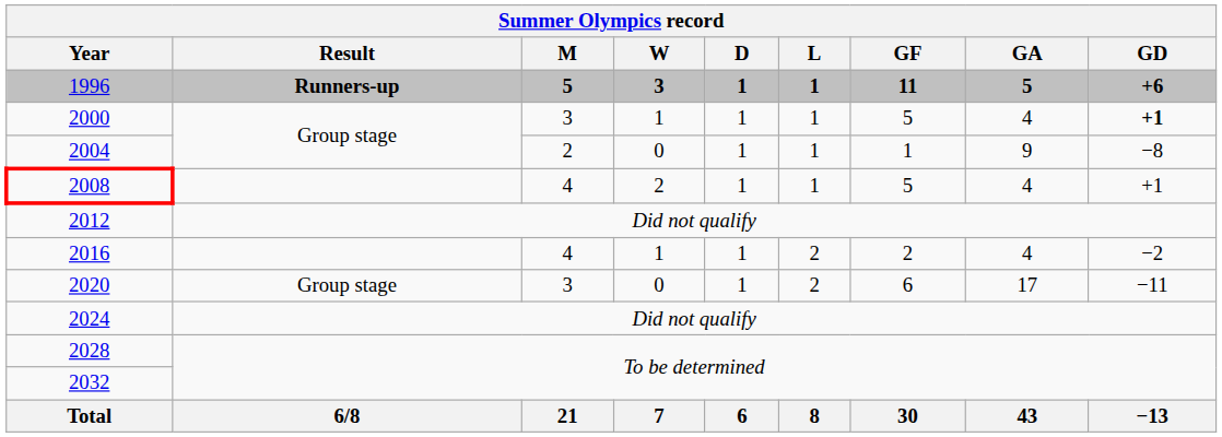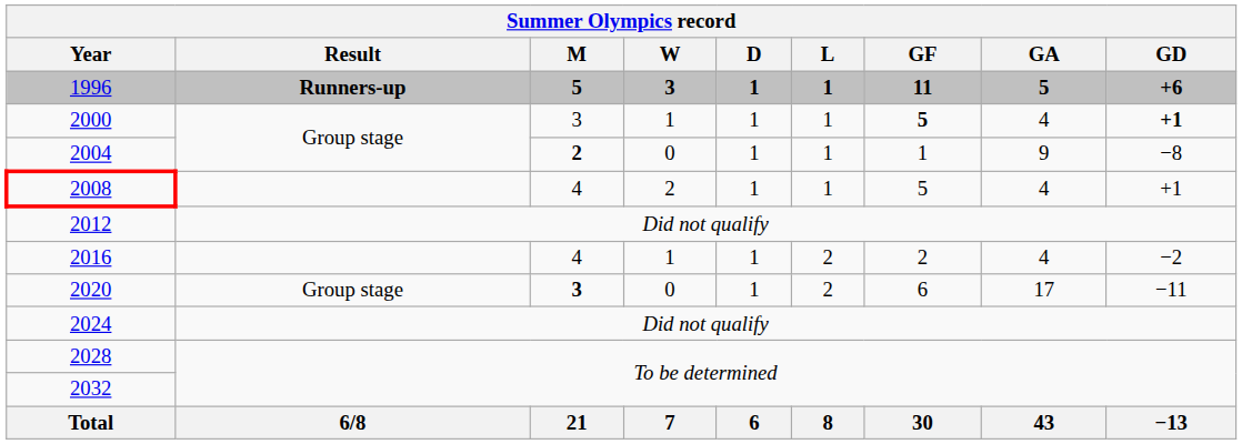 <table class="wikitable" style="text-align: center; width:75%;">
 <tr>
 <th colspan=11><a href='#'>Summer Olympics</a> record</th>
 </tr>
 <tr>
 <th>Year</th>
 <th>Result</th>
 <th>M</th>
 <th>W</th>
 <th>D</th>
 <th>L</th>
 <th>GF</th>
 <th>GA</th>
 <th>GD</th>
 </tr>
 <tr style="background:silver;">
 <td> <a href='#'>1996</a></td>
 <td><strong>Runners-up</strong></td>
 <td><strong>5</strong></td>
 <td><strong>3</strong></td>
 <td><strong>1</strong></td>
 <td><strong>1</strong></td>
 <td><strong>11</strong></td>
 <td><strong>5</strong></td>
 <td><strong>+6</strong></td>
 </tr>
 <tr>
 <td> <a href='#'>2000</a></td>
 <td rowspan=2>Group stage</td>
 <td>3</td>
 <td>1</td>
 <td>1</td>
 <td>1</td>
-<td>5</td>
+<td><strong>5</strong></td>
 <td>4</td>
 <td><strong>+1</strong></td>
 </tr>
 <tr>
 <td> <a href='#'>2004</a></td>
-<td>2</td>
+<td><strong>2</strong></td>
 <td>0</td>
 <td>1</td>
 <td>1</td>
 <td>1</td>
 <td>9</td>
 <td>−8</td>
 </tr>
 <tr>
 <td style="border: 3px solid red"> <a href='#'>2008</a></td>
 <td></td>
 <td>4</td>
 <td>2</td>
 <td>1</td>
 <td>1</td>
 <td>5</td>
 <td>4</td>
 <td>+1</td>
 </tr>
 <tr>
 <td> <a href='#'>2012</a></td>
 <td colspan=8 align=center><em>Did not qualify</em></td>
 </tr>
 <tr>
 <td> <a href='#'>2016</a></td>
 <td></td>
 <td>4</td>
 <td>1</td>
 <td>1</td>
 <td>2</td>
 <td>2</td>
 <td>4</td>
 <td>−2</td>
 </tr>
 <tr>
 <td> <a href='#'>2020</a></td>
 <td>Group stage</td>
-<td>3</td>
+<td><strong>3</strong></td>
 <td>0</td>
 <td>1</td>
 <td>2</td>
 <td>6</td>
 <td>17</td>
 <td>−11</td>
 </tr>
 <tr>
 <td> <a href='#'>2024</a></td>
 <td colspan=8 align=center><em>Did not qualify</em></td>
 </tr>
 <tr>
 <td> <a href='#'>2028</a></td>
 <td colspan=8 rowspan=2><em>To be determined</em></td>
 </tr>
 <tr>
 <td> <a href='#'>2032</a></td>
 </tr>
 <tr>
 <th><strong>Total</strong></th>
 <th><strong>6/8</strong></th>
 <th><strong>21</strong></th>
 <th><strong>7</strong></th>
 <th><strong>6</strong></th>
 <th><strong>8</strong></th>
 <th><strong>30</strong></th>
 <th><strong>43</strong></th>
 <th><strong>−13</strong></th>
 </tr>
 </table>
